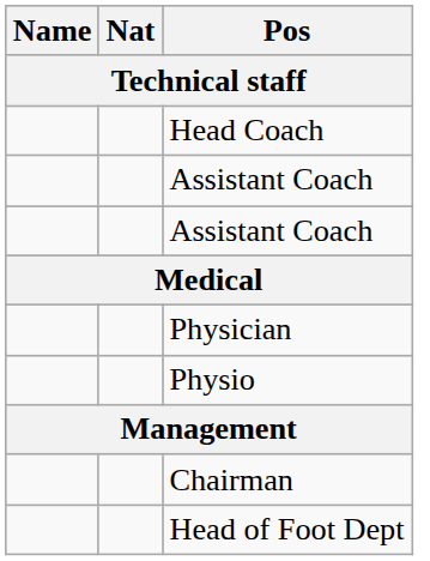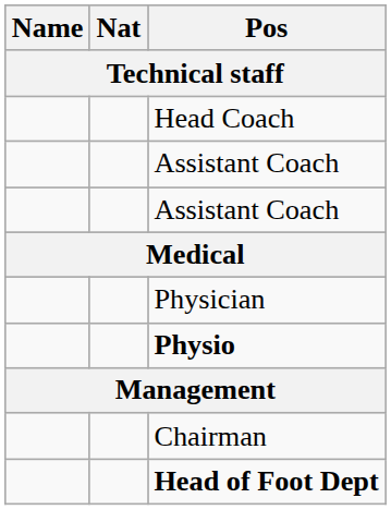 <table class="wikitable ve-ce-branchNode ve-ce-tableNode">
 <tr>
 <th>Name</th>
 <th>Nat</th>
 <th>Pos</th>
 </tr>
 <tr>
 <th colspan="4">Technical staff</th>
 </tr>
 <tr>
 <td></td>
 <td></td>
 <td>Head Coach</td>
 </tr>
 <tr>
 <td></td>
 <td></td>
 <td>Assistant Coach</td>
 </tr>
 <tr>
 <td></td>
 <td></td>
 <td>Assistant Coach</td>
 </tr>
 <tr>
 <th colspan="4">Medical</th>
 </tr>
 <tr>
 <td></td>
 <td></td>
 <td>Physician</td>
 </tr>
 <tr>
 <td></td>
 <td></td>
-<td>Physio</td>
+<td><strong>Physio</strong></td>
 </tr>
 <tr>
 <th colspan="4">Management</th>
 </tr>
 <tr>
 <td></td>
 <td></td>
 <td>Chairman</td>
 </tr>
 <tr>
 <td></td>
 <td></td>
-<td>Head of Foot Dept</td>
+<td><strong>Head of Foot Dept</strong></td>
 </tr>
 </table>
